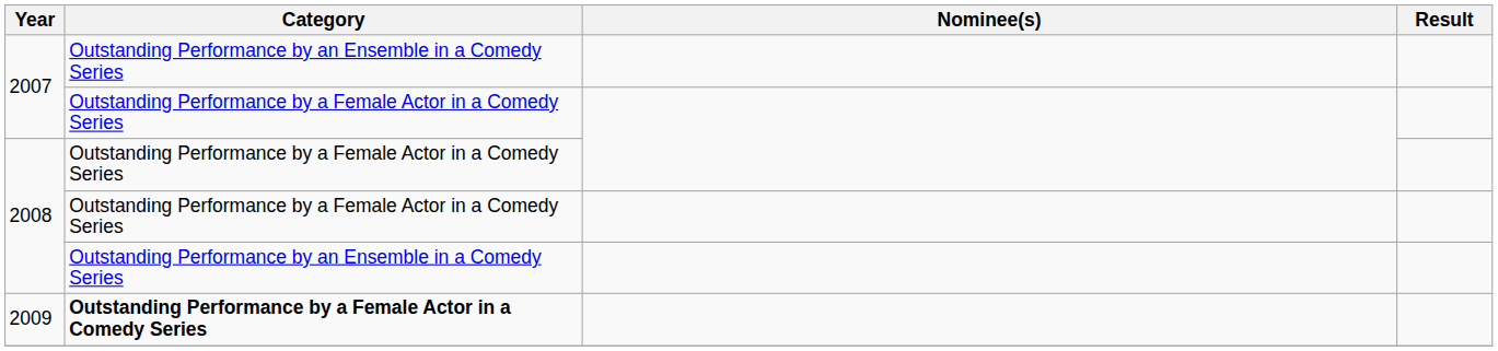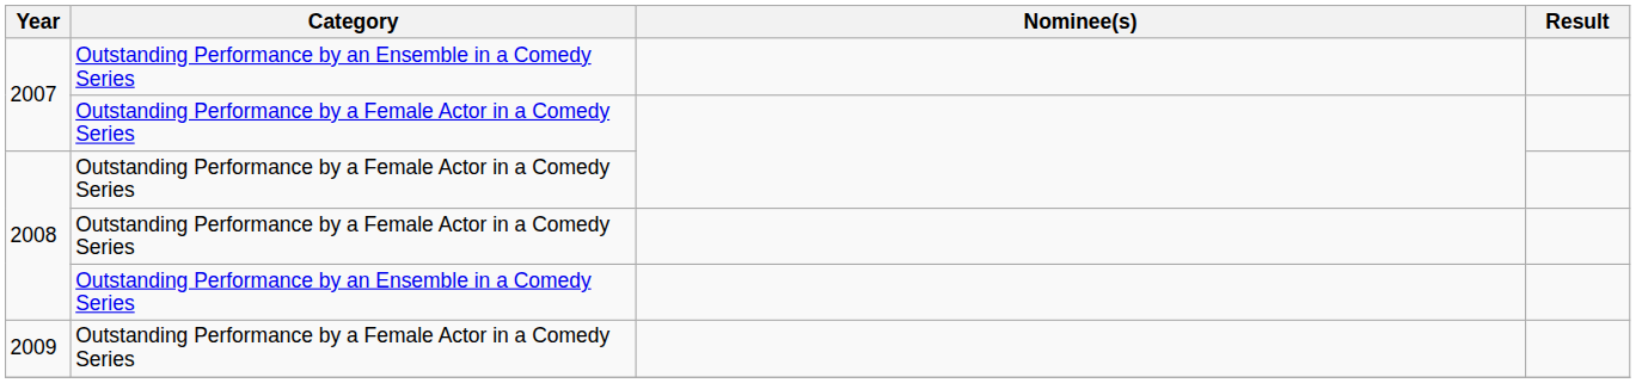 <table class="wikitable">
 <tr>
 <th width="2%">Year</th>
 <th width="27%">Category</th>
 <th width="42.5%">Nominee(s)</th>
 <th width="5%">Result</th>
 </tr>
 <tr>
 <td rowspan="2">2007</td>
 <td><a href='#'>Outstanding Performance by an Ensemble in a Comedy Series</a></td>
 <td></td>
 <td></td>
 </tr>
 <tr>
 <td><a href='#'>Outstanding Performance by a Female Actor in a Comedy Series</a></td>
 <td rowspan="2"></td>
 <td></td>
 </tr>
 <tr>
 <td rowspan="3">2008</td>
 <td>Outstanding Performance by a Female Actor in a Comedy Series</td>
 <td></td>
 </tr>
 <tr>
 <td>Outstanding Performance by a Female Actor in a Comedy Series</td>
 <td></td>
 <td></td>
 </tr>
 <tr>
 <td><a href='#'>Outstanding Performance by an Ensemble in a Comedy Series</a></td>
 <td></td>
 <td></td>
 </tr>
 <tr>
 <td>2009</td>
-<td><strong>Outstanding Performance by a Female Actor in a Comedy Series</strong></td>
+<td>Outstanding Performance by a Female Actor in a Comedy Series</td>
 <td></td>
 <td></td>
 </tr>
 <tr>
 </tr>
 </table>
